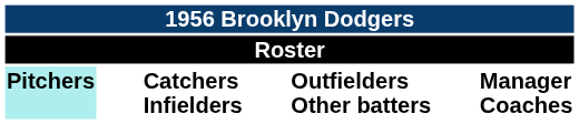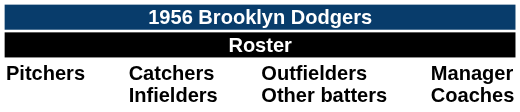 <table class="toccolours" style="font-size: 95%;">
 <tr>
 <th colspan="10" style="background-color: #083c6b; color: white; text-align: center;">1956 Brooklyn Dodgers</th>
 </tr>
 <tr>
 <td colspan="10" style="background-color: black; color: white; text-align: center;"><strong>Roster</strong></td>
 </tr>
 <tr>
-<td valign="top" style="background: paleturquoise;"><strong>Pitchers</strong><br>              </td>
+<td valign="top"><strong>Pitchers</strong><br>              </td>
 <td width="25px"></td>
 <td valign="top"><strong>Catchers</strong><br>   <strong>Infielders</strong>         </td>
 <td width="25px"></td>
 <td valign="top"><strong>Outfielders</strong><br>      <strong>Other batters</strong>  </td>
 <td width="25px"></td>
 <td valign="top"><strong>Manager</strong><br> <strong>Coaches</strong>   </td>
 </tr>
 </table>
